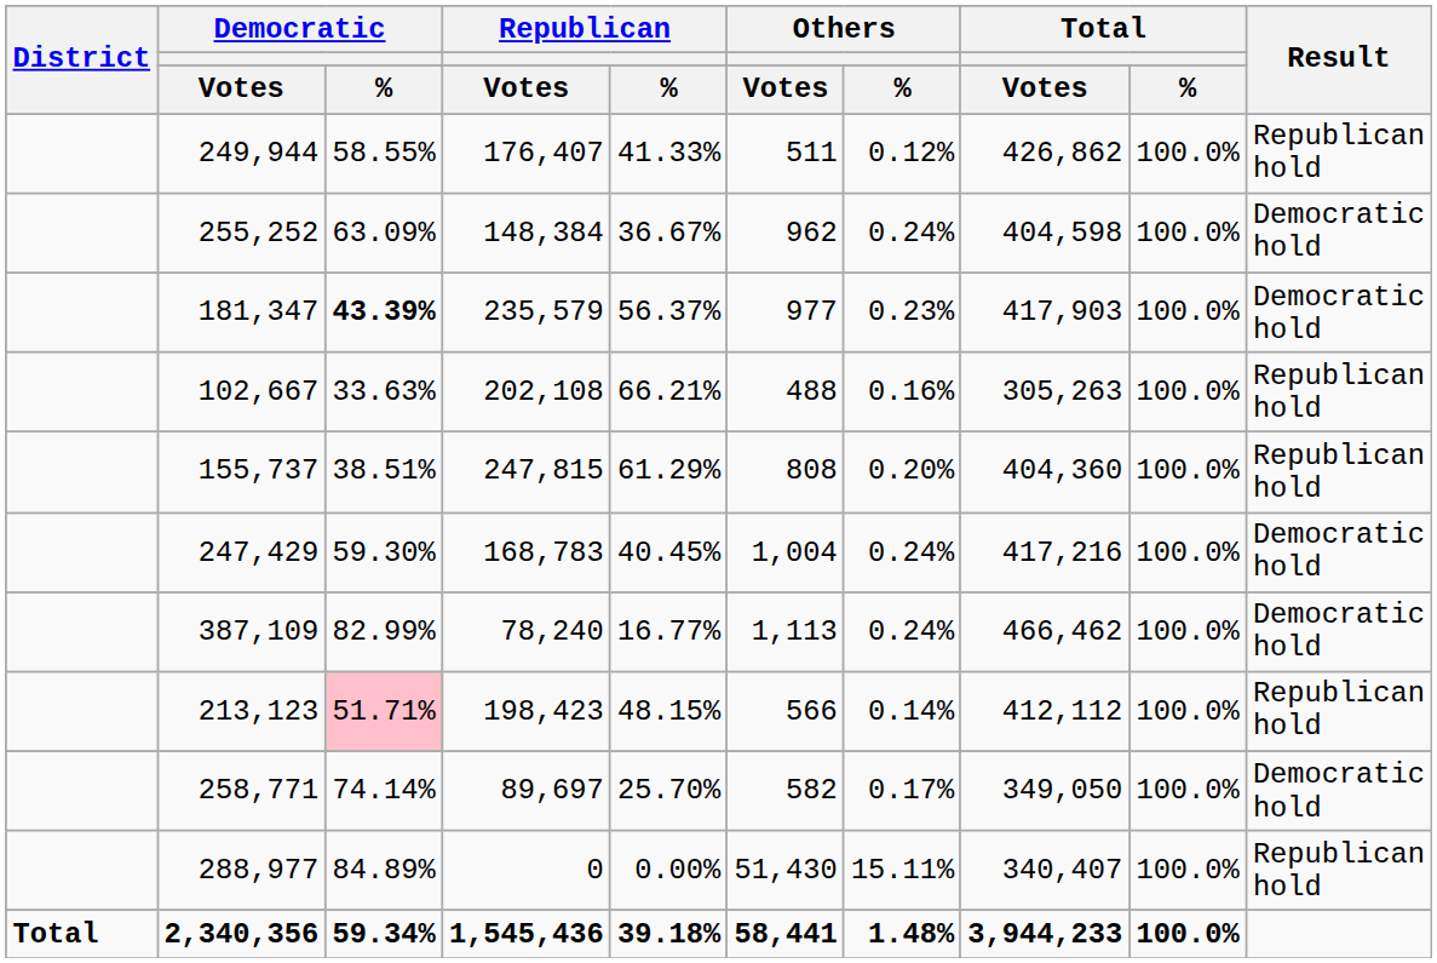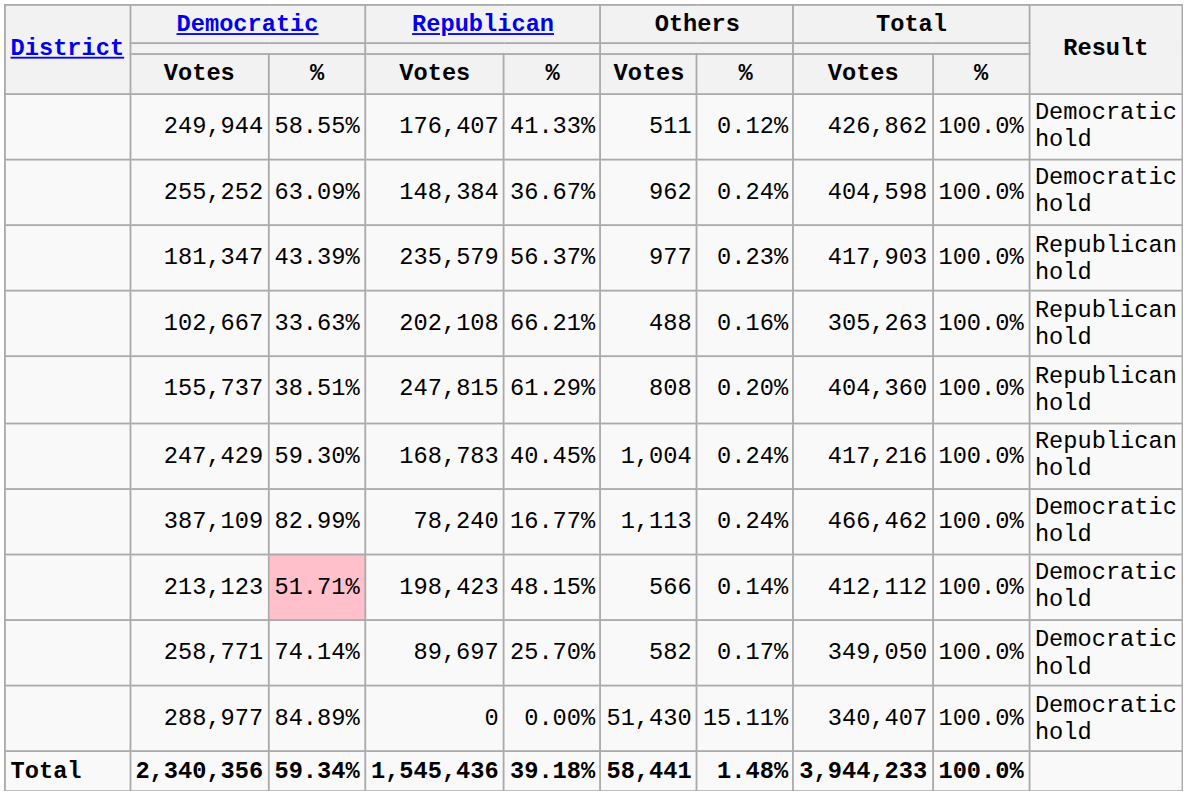 <table class="wikitable plainrowheaders sortable" style="font-size:100%; text-align:right;">
 <tr>
 <th scope=col rowspan=3><a href='#'>District</a></th>
 <th scope=col colspan=2><a href='#'>Democratic</a></th>
 <th scope=col colspan=2><a href='#'>Republican</a></th>
 <th scope=col colspan=2>Others</th>
 <th scope=col colspan=2>Total</th>
 <th scope=col rowspan=3>Result</th>
 </tr>
 <tr>
 <th scope=col colspan=2 style="background:"></th>
 <th scope=col colspan=2 style="background:"></th>
 <th scope=col colspan=2></th>
 <th scope=col colspan=2></th>
 </tr>
 <tr>
 <th scope=col data-sort-type="number">Votes</th>
 <th scope=col data-sort-type="number">%</th>
 <th scope=col data-sort-type="number">Votes</th>
 <th scope=col data-sort-type="number">%</th>
 <th scope=col data-sort-type="number">Votes</th>
 <th scope=col data-sort-type="number">%</th>
 <th scope=col data-sort-type="number">Votes</th>
 <th scope=col data-sort-type="number">%</th>
 </tr>
 <tr>
 <td align=left></td>
 <td>249,944</td>
 <td>58.55%</td>
 <td>176,407</td>
 <td>41.33%</td>
 <td>511</td>
 <td>0.12%</td>
 <td>426,862</td>
 <td>100.0%</td>
-<td align=left>Republican hold</td>
+<td align=left>Democratic hold</td>
 </tr>
 <tr>
 <td align=left></td>
 <td>255,252</td>
 <td>63.09%</td>
 <td>148,384</td>
 <td>36.67%</td>
 <td>962</td>
 <td>0.24%</td>
 <td>404,598</td>
 <td>100.0%</td>
 <td align=left>Democratic hold</td>
 </tr>
 <tr>
 <td align=left></td>
 <td>181,347</td>
-<td><strong>43.39%</strong></td>
+<td>43.39%</td>
 <td>235,579</td>
 <td>56.37%</td>
 <td>977</td>
 <td>0.23%</td>
 <td>417,903</td>
 <td>100.0%</td>
-<td align=left>Democratic hold</td>
+<td align=left>Republican hold</td>
 </tr>
 <tr>
 <td align=left></td>
 <td>102,667</td>
 <td>33.63%</td>
 <td>202,108</td>
 <td>66.21%</td>
 <td>488</td>
 <td>0.16%</td>
 <td>305,263</td>
 <td>100.0%</td>
 <td align=left>Republican hold</td>
 </tr>
 <tr>
 <td align=left></td>
 <td>155,737</td>
 <td>38.51%</td>
 <td>247,815</td>
 <td>61.29%</td>
 <td>808</td>
 <td>0.20%</td>
 <td>404,360</td>
 <td>100.0%</td>
 <td align=left>Republican hold</td>
 </tr>
 <tr>
 <td align=left></td>
 <td>247,429</td>
 <td>59.30%</td>
 <td>168,783</td>
 <td>40.45%</td>
 <td>1,004</td>
 <td>0.24%</td>
 <td>417,216</td>
 <td>100.0%</td>
-<td align=left>Democratic hold</td>
+<td align=left>Republican hold</td>
 </tr>
 <tr>
 <td align=left></td>
 <td>387,109</td>
 <td>82.99%</td>
 <td>78,240</td>
 <td>16.77%</td>
 <td>1,113</td>
 <td>0.24%</td>
 <td>466,462</td>
 <td>100.0%</td>
 <td align=left>Democratic hold</td>
 </tr>
 <tr>
 <td align=left></td>
 <td>213,123</td>
 <td style="background: pink;">51.71%</td>
 <td>198,423</td>
 <td>48.15%</td>
 <td>566</td>
 <td>0.14%</td>
 <td>412,112</td>
 <td>100.0%</td>
-<td align=left>Republican hold</td>
+<td align=left>Democratic hold</td>
 </tr>
 <tr>
 <td align=left></td>
 <td>258,771</td>
 <td>74.14%</td>
 <td>89,697</td>
 <td>25.70%</td>
 <td>582</td>
 <td>0.17%</td>
 <td>349,050</td>
 <td>100.0%</td>
 <td align=left>Democratic hold</td>
 </tr>
 <tr>
 <td align=left></td>
 <td>288,977</td>
 <td>84.89%</td>
 <td>0</td>
 <td>0.00%</td>
 <td>51,430</td>
 <td>15.11%</td>
 <td>340,407</td>
 <td>100.0%</td>
-<td align=left>Republican hold</td>
+<td align=left>Democratic hold</td>
 </tr>
 <tr class="sortbottom" style="font-weight:bold">
 <td align=left>Total</td>
 <td>2,340,356</td>
 <td>59.34%</td>
 <td>1,545,436</td>
 <td>39.18%</td>
 <td>58,441</td>
 <td>1.48%</td>
 <td>3,944,233</td>
 <td>100.0%</td>
 <td></td>
 </tr>
 </table>
